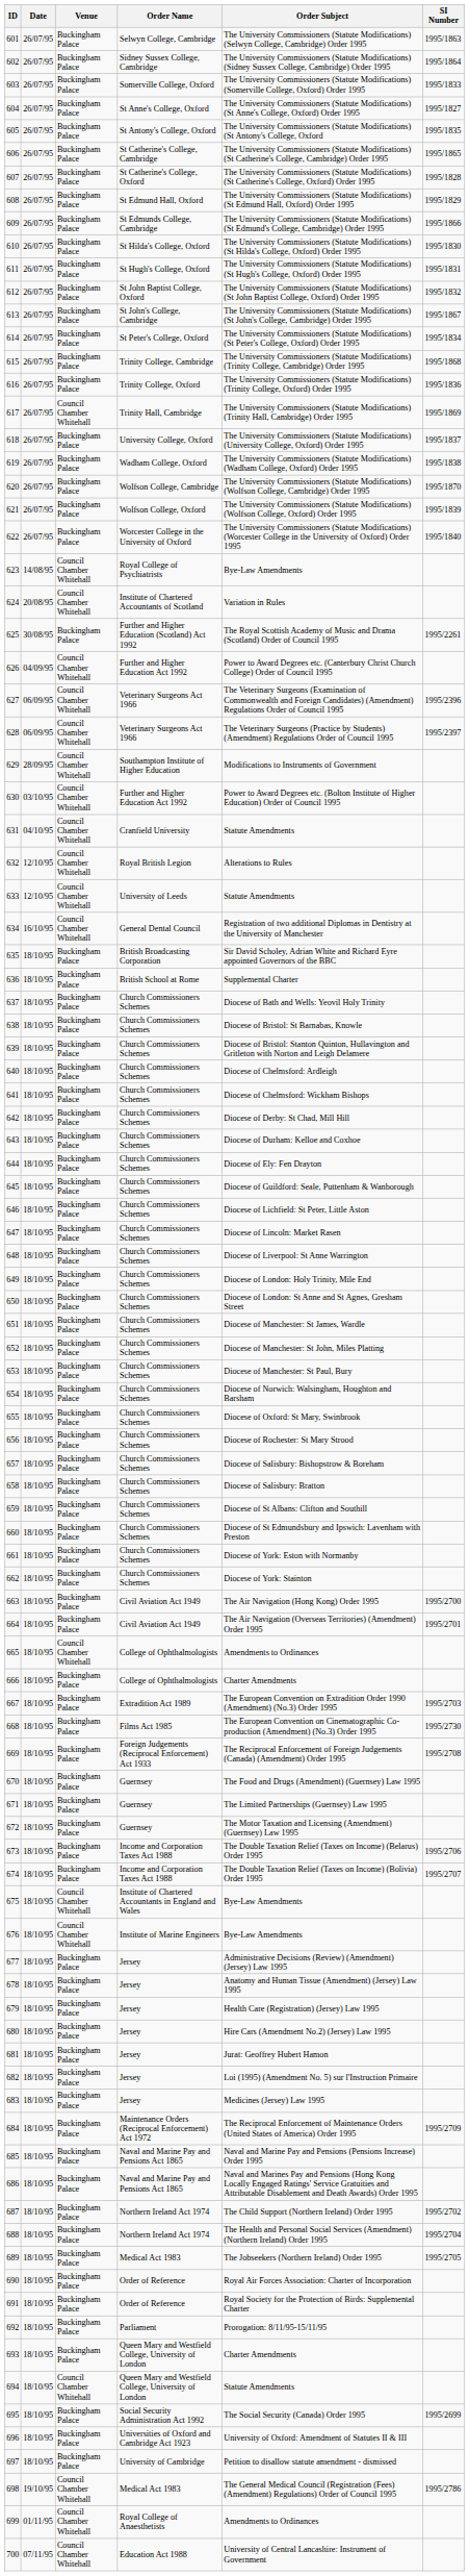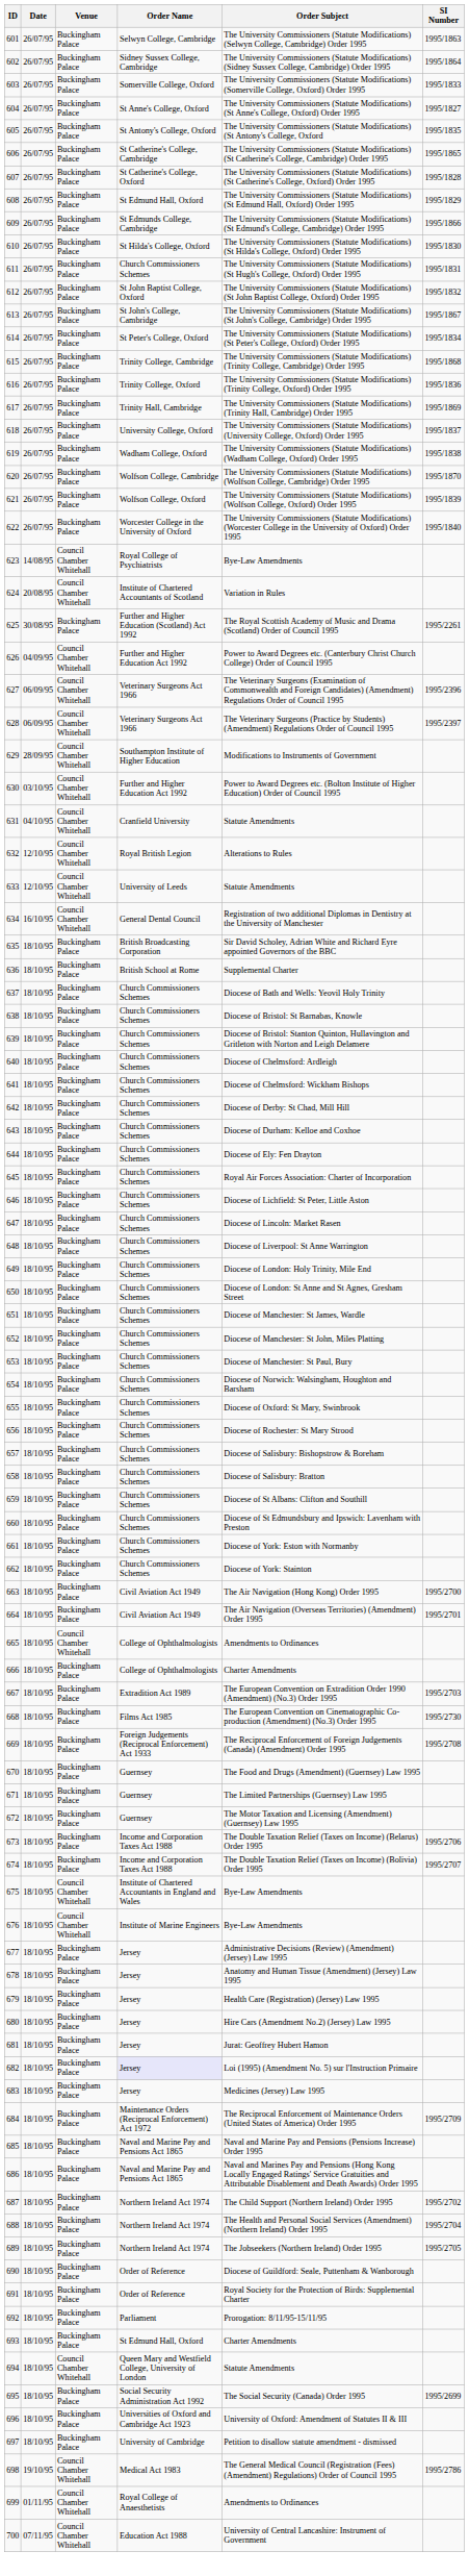 <table class="wikitable">
 <tr>
 <th>ID</th>
 <th>Date</th>
 <th>Venue</th>
 <th>Order Name</th>
 <th>Order Subject</th>
 <th>SI Number</th>
 </tr>
 <tr>
 <td>601</td>
 <td>26/07/95</td>
 <td>Buckingham Palace</td>
 <td>Selwyn College, Cambridge</td>
 <td>The University Commissioners (Statute Modifications) (Selwyn College, Cambridge) Order 1995</td>
 <td>1995/1863</td>
 </tr>
 <tr>
 <td>602</td>
 <td>26/07/95</td>
 <td>Buckingham Palace</td>
 <td>Sidney Sussex College, Cambridge</td>
 <td>The University Commissioners (Statute Modifications) (Sidney Sussex College, Cambridge) Order 1995</td>
 <td>1995/1864</td>
 </tr>
 <tr>
 <td>603</td>
 <td>26/07/95</td>
 <td>Buckingham Palace</td>
 <td>Somerville College, Oxford</td>
 <td>The University Commissioners (Statute Modifications) (Somerville College, Oxford) Order 1995</td>
 <td>1995/1833</td>
 </tr>
 <tr>
 <td>604</td>
 <td>26/07/95</td>
 <td>Buckingham Palace</td>
 <td>St Anne's College, Oxford</td>
 <td>The University Commissioners (Statute Modifications) (St Anne's College, Oxford) Order 1995</td>
 <td>1995/1827</td>
 </tr>
 <tr>
 <td>605</td>
 <td>26/07/95</td>
 <td>Buckingham Palace</td>
 <td>St Antony's College, Oxford</td>
 <td>The University Commissioners (Statute Modifications) (St Antony's College, Oxford</td>
 <td>1995/1835</td>
 </tr>
 <tr>
 <td>606</td>
 <td>26/07/95</td>
 <td>Buckingham Palace</td>
 <td>St Catherine's College, Cambridge</td>
 <td>The University Commissioners (Statute Modifications) (St Catherine's College, Cambridge) Order 1995</td>
 <td>1995/1865</td>
 </tr>
 <tr>
 <td>607</td>
 <td>26/07/95</td>
 <td>Buckingham Palace</td>
 <td>St Catherine's College, Oxford</td>
 <td>The University Commissioners (Statute Modifications) (St Catherine's College, Oxford) Order 1995</td>
 <td>1995/1828</td>
 </tr>
 <tr>
 <td>608</td>
 <td>26/07/95</td>
 <td>Buckingham Palace</td>
 <td>St Edmund Hall, Oxford</td>
 <td>The University Commissioners (Statute Modifications) (St Edmund Hall, Oxford) Order 1995</td>
 <td>1995/1829</td>
 </tr>
 <tr>
 <td>609</td>
 <td>26/07/95</td>
 <td>Buckingham Palace</td>
 <td>St Edmunds College, Cambridge</td>
 <td>The University Commissioners (Statute Modifications) (St Edmund's College, Cambridge) Order 1995</td>
 <td>1995/1866</td>
 </tr>
 <tr>
 <td>610</td>
 <td>26/07/95</td>
 <td>Buckingham Palace</td>
 <td>St Hilda's College, Oxford</td>
 <td>The University Commissioners (Statute Modifications) (St Hilda's College, Oxford) Order 1995</td>
 <td>1995/1830</td>
 </tr>
 <tr>
 <td>611</td>
 <td>26/07/95</td>
 <td>Buckingham Palace</td>
-<td>St Hugh's College, Oxford</td>
+<td>Church Commissioners Schemes</td>
 <td>The University Commissioners (Statute Modifications) (St Hugh's College, Oxford) Order 1995</td>
 <td>1995/1831</td>
 </tr>
 <tr>
 <td>612</td>
 <td>26/07/95</td>
 <td>Buckingham Palace</td>
 <td>St John Baptist College, Oxford</td>
 <td>The University Commissioners (Statute Modifications) (St John Baptist College, Oxford) Order 1995</td>
 <td>1995/1832</td>
 </tr>
 <tr>
 <td>613</td>
 <td>26/07/95</td>
 <td>Buckingham Palace</td>
 <td>St John's College, Cambridge</td>
 <td>The University Commissioners (Statute Modifications) (St John's College, Cambridge) Order 1995</td>
 <td>1995/1867</td>
 </tr>
 <tr>
 <td>614</td>
 <td>26/07/95</td>
 <td>Buckingham Palace</td>
 <td>St Peter's College, Oxford</td>
 <td>The University Commissioners (Statute Modifications) (St Peter's College, Oxford) Order 1995</td>
 <td>1995/1834</td>
 </tr>
 <tr>
 <td>615</td>
 <td>26/07/95</td>
 <td>Buckingham Palace</td>
 <td>Trinity College, Cambridge</td>
 <td>The University Commissioners (Statute Modifications) (Trinity College, Cambridge) Order 1995</td>
 <td>1995/1868</td>
 </tr>
 <tr>
 <td>616</td>
 <td>26/07/95</td>
 <td>Buckingham Palace</td>
 <td>Trinity College, Oxford</td>
 <td>The University Commissioners (Statute Modifications) (Trinity College, Oxford) Order 1995</td>
 <td>1995/1836</td>
 </tr>
 <tr>
 <td>617</td>
 <td>26/07/95</td>
-<td>Council Chamber Whitehall</td>
+<td>Buckingham Palace</td>
 <td>Trinity Hall, Cambridge</td>
 <td>The University Commissioners (Statute Modifications) (Trinity Hall, Cambridge) Order 1995</td>
 <td>1995/1869</td>
 </tr>
 <tr>
 <td>618</td>
 <td>26/07/95</td>
 <td>Buckingham Palace</td>
 <td>University College, Oxford</td>
 <td>The University Commissioners (Statute Modifications) (University College, Oxford) Order 1995</td>
 <td>1995/1837</td>
 </tr>
 <tr>
 <td>619</td>
 <td>26/07/95</td>
 <td>Buckingham Palace</td>
 <td>Wadham College, Oxford</td>
 <td>The University Commissioners (Statute Modifications) (Wadham College, Oxford) Order 1995</td>
 <td>1995/1838</td>
 </tr>
 <tr>
 <td>620</td>
 <td>26/07/95</td>
 <td>Buckingham Palace</td>
 <td>Wolfson College, Cambridge</td>
 <td>The University Commissioners (Statute Modifications) (Wolfson College, Cambridge) Order 1995</td>
 <td>1995/1870</td>
 </tr>
 <tr>
 <td>621</td>
 <td>26/07/95</td>
 <td>Buckingham Palace</td>
 <td>Wolfson College, Oxford</td>
 <td>The University Commissioners (Statute Modifications) (Wolfson College, Oxford) Order 1995</td>
 <td>1995/1839</td>
 </tr>
 <tr>
 <td>622</td>
 <td>26/07/95</td>
 <td>Buckingham Palace</td>
 <td>Worcester College in the University of Oxford</td>
 <td>The University Commissioners (Statute Modifications) (Worcester College in the University of Oxford) Order 1995</td>
 <td>1995/1840</td>
 </tr>
 <tr>
 <td>623</td>
 <td>14/08/95</td>
 <td>Council Chamber Whitehall</td>
 <td>Royal College of Psychiatrists</td>
 <td>Bye-Law Amendments</td>
 <td></td>
 </tr>
 <tr>
 <td>624</td>
 <td>20/08/95</td>
 <td>Council Chamber Whitehall</td>
 <td>Institute of Chartered Accountants of Scotland</td>
 <td>Variation in Rules</td>
 <td></td>
 </tr>
 <tr>
 <td>625</td>
 <td>30/08/95</td>
 <td>Buckingham Palace</td>
 <td>Further and Higher Education (Scotland) Act 1992</td>
 <td>The Royal Scottish Academy of Music and Drama (Scotland) Order of Council 1995</td>
 <td>1995/2261</td>
 </tr>
 <tr>
 <td>626</td>
 <td>04/09/95</td>
 <td>Council Chamber Whitehall</td>
 <td>Further and Higher Education Act 1992</td>
 <td>Power to Award Degrees etc. (Canterbury Christ Church College) Order of Council 1995</td>
 <td></td>
 </tr>
 <tr>
 <td>627</td>
 <td>06/09/95</td>
 <td>Council Chamber Whitehall</td>
 <td>Veterinary Surgeons Act 1966</td>
 <td>The Veterinary Surgeons (Examination of Commonwealth and Foreign Candidates) (Amendment) Regulations Order of Council 1995</td>
 <td>1995/2396</td>
 </tr>
 <tr>
 <td>628</td>
 <td>06/09/95</td>
 <td>Council Chamber Whitehall</td>
 <td>Veterinary Surgeons Act 1966</td>
 <td>The Veterinary Surgeons (Practice by Students) (Amendment) Regulations Order of Council 1995</td>
 <td>1995/2397</td>
 </tr>
 <tr>
 <td>629</td>
 <td>28/09/95</td>
 <td>Council Chamber Whitehall</td>
 <td>Southampton Institute of Higher Education</td>
 <td>Modifications to Instruments of Government</td>
 <td></td>
 </tr>
 <tr>
 <td>630</td>
 <td>03/10/95</td>
 <td>Council Chamber Whitehall</td>
 <td>Further and Higher Education Act 1992</td>
 <td>Power to Award Degrees etc. (Bolton Institute of Higher Education) Order of Council 1995</td>
 <td></td>
 </tr>
 <tr>
 <td>631</td>
 <td>04/10/95</td>
 <td>Council Chamber Whitehall</td>
 <td>Cranfield University</td>
 <td>Statute Amendments</td>
 <td></td>
 </tr>
 <tr>
 <td>632</td>
 <td>12/10/95</td>
 <td>Council Chamber Whitehall</td>
 <td>Royal British Legion</td>
 <td>Alterations to Rules</td>
 <td></td>
 </tr>
 <tr>
 <td>633</td>
 <td>12/10/95</td>
 <td>Council Chamber Whitehall</td>
 <td>University of Leeds</td>
 <td>Statute Amendments</td>
 <td></td>
 </tr>
 <tr>
 <td>634</td>
 <td>16/10/95</td>
 <td>Council Chamber Whitehall</td>
 <td>General Dental Council</td>
 <td>Registration of two additional Diplomas in Dentistry at the University of Manchester</td>
 <td></td>
 </tr>
 <tr>
 <td>635</td>
 <td>18/10/95</td>
 <td>Buckingham Palace</td>
 <td>British Broadcasting Corporation</td>
 <td>Sir David Scholey, Adrian White and Richard Eyre appointed Governors of the BBC</td>
 <td></td>
 </tr>
 <tr>
 <td>636</td>
 <td>18/10/95</td>
 <td>Buckingham Palace</td>
 <td>British School at Rome</td>
 <td>Supplemental Charter</td>
 <td></td>
 </tr>
 <tr>
 <td>637</td>
 <td>18/10/95</td>
 <td>Buckingham Palace</td>
 <td>Church Commissioners Schemes</td>
 <td>Diocese of Bath and Wells: Yeovil Holy Trinity</td>
 <td></td>
 </tr>
 <tr>
 <td>638</td>
 <td>18/10/95</td>
 <td>Buckingham Palace</td>
 <td>Church Commissioners Schemes</td>
 <td>Diocese of Bristol: St Barnabas, Knowle</td>
 <td></td>
 </tr>
 <tr>
 <td>639</td>
 <td>18/10/95</td>
 <td>Buckingham Palace</td>
 <td>Church Commissioners Schemes</td>
 <td>Diocese of Bristol: Stanton Quinton, Hullavington and Gritleton with Norton and Leigh Delamere</td>
 <td></td>
 </tr>
 <tr>
 <td>640</td>
 <td>18/10/95</td>
 <td>Buckingham Palace</td>
 <td>Church Commissioners Schemes</td>
 <td>Diocese of Chelmsford: Ardleigh</td>
 <td></td>
 </tr>
 <tr>
 <td>641</td>
 <td>18/10/95</td>
 <td>Buckingham Palace</td>
 <td>Church Commissioners Schemes</td>
 <td>Diocese of Chelmsford: Wickham Bishops</td>
 <td></td>
 </tr>
 <tr>
 <td>642</td>
 <td>18/10/95</td>
 <td>Buckingham Palace</td>
 <td>Church Commissioners Schemes</td>
 <td>Diocese of Derby: St Chad, Mill Hill</td>
 <td></td>
 </tr>
 <tr>
 <td>643</td>
 <td>18/10/95</td>
 <td>Buckingham Palace</td>
 <td>Church Commissioners Schemes</td>
 <td>Diocese of Durham: Kelloe and Coxhoe</td>
 <td></td>
 </tr>
 <tr>
 <td>644</td>
 <td>18/10/95</td>
 <td>Buckingham Palace</td>
 <td>Church Commissioners Schemes</td>
 <td>Diocese of Ely: Fen Drayton</td>
 <td></td>
 </tr>
 <tr>
 <td>645</td>
 <td>18/10/95</td>
 <td>Buckingham Palace</td>
 <td>Church Commissioners Schemes</td>
-<td>Diocese of Guildford: Seale, Puttenham & Wanborough</td>
+<td>Royal Air Forces Association: Charter of Incorporation</td>
 <td></td>
 </tr>
 <tr>
 <td>646</td>
 <td>18/10/95</td>
 <td>Buckingham Palace</td>
 <td>Church Commissioners Schemes</td>
 <td>Diocese of Lichfield: St Peter, Little Aston</td>
 <td></td>
 </tr>
 <tr>
 <td>647</td>
 <td>18/10/95</td>
 <td>Buckingham Palace</td>
 <td>Church Commissioners Schemes</td>
 <td>Diocese of Lincoln: Market Rasen</td>
 <td></td>
 </tr>
 <tr>
 <td>648</td>
 <td>18/10/95</td>
 <td>Buckingham Palace</td>
 <td>Church Commissioners Schemes</td>
 <td>Diocese of Liverpool: St Anne Warrington</td>
 <td></td>
 </tr>
 <tr>
 <td>649</td>
 <td>18/10/95</td>
 <td>Buckingham Palace</td>
 <td>Church Commissioners Schemes</td>
 <td>Diocese of London: Holy Trinity, Mile End</td>
 <td></td>
 </tr>
 <tr>
 <td>650</td>
 <td>18/10/95</td>
 <td>Buckingham Palace</td>
 <td>Church Commissioners Schemes</td>
 <td>Diocese of London: St Anne and St Agnes, Gresham Street</td>
 <td></td>
 </tr>
 <tr>
 <td>651</td>
 <td>18/10/95</td>
 <td>Buckingham Palace</td>
 <td>Church Commissioners Schemes</td>
 <td>Diocese of Manchester: St James, Wardle</td>
 <td></td>
 </tr>
 <tr>
 <td>652</td>
 <td>18/10/95</td>
 <td>Buckingham Palace</td>
 <td>Church Commissioners Schemes</td>
 <td>Diocese of Manchester: St John, Miles Platting</td>
 <td></td>
 </tr>
 <tr>
 <td>653</td>
 <td>18/10/95</td>
 <td>Buckingham Palace</td>
 <td>Church Commissioners Schemes</td>
 <td>Diocese of Manchester: St Paul, Bury</td>
 <td></td>
 </tr>
 <tr>
 <td>654</td>
 <td>18/10/95</td>
 <td>Buckingham Palace</td>
 <td>Church Commissioners Schemes</td>
 <td>Diocese of Norwich: Walsingham, Houghton and Barsham</td>
 <td></td>
 </tr>
 <tr>
 <td>655</td>
 <td>18/10/95</td>
 <td>Buckingham Palace</td>
 <td>Church Commissioners Schemes</td>
 <td>Diocese of Oxford: St Mary, Swinbrook</td>
 <td></td>
 </tr>
 <tr>
 <td>656</td>
 <td>18/10/95</td>
 <td>Buckingham Palace</td>
 <td>Church Commissioners Schemes</td>
 <td>Diocese of Rochester: St Mary Strood</td>
 <td></td>
 </tr>
 <tr>
 <td>657</td>
 <td>18/10/95</td>
 <td>Buckingham Palace</td>
 <td>Church Commissioners Schemes</td>
 <td>Diocese of Salisbury: Bishopstrow & Boreham</td>
 <td></td>
 </tr>
 <tr>
 <td>658</td>
 <td>18/10/95</td>
 <td>Buckingham Palace</td>
 <td>Church Commissioners Schemes</td>
 <td>Diocese of Salisbury: Bratton</td>
 <td></td>
 </tr>
 <tr>
 <td>659</td>
 <td>18/10/95</td>
 <td>Buckingham Palace</td>
 <td>Church Commissioners Schemes</td>
 <td>Diocese of St Albans: Clifton and Southill</td>
 <td></td>
 </tr>
 <tr>
 <td>660</td>
 <td>18/10/95</td>
 <td>Buckingham Palace</td>
 <td>Church Commissioners Schemes</td>
 <td>Diocese of St Edmundsbury and Ipswich: Lavenham with Preston</td>
 <td></td>
 </tr>
 <tr>
 <td>661</td>
 <td>18/10/95</td>
 <td>Buckingham Palace</td>
 <td>Church Commissioners Schemes</td>
 <td>Diocese of York: Eston with Normanby</td>
 <td></td>
 </tr>
 <tr>
 <td>662</td>
 <td>18/10/95</td>
 <td>Buckingham Palace</td>
 <td>Church Commissioners Schemes</td>
 <td>Diocese of York: Stainton</td>
 <td></td>
 </tr>
 <tr>
 <td>663</td>
 <td>18/10/95</td>
 <td>Buckingham Palace</td>
 <td>Civil Aviation Act 1949</td>
 <td>The Air Navigation (Hong Kong) Order 1995</td>
 <td>1995/2700</td>
 </tr>
 <tr>
 <td>664</td>
 <td>18/10/95</td>
 <td>Buckingham Palace</td>
 <td>Civil Aviation Act 1949</td>
 <td>The Air Navigation (Overseas Territories) (Amendment) Order 1995</td>
 <td>1995/2701</td>
 </tr>
 <tr>
 <td>665</td>
 <td>18/10/95</td>
 <td>Council Chamber Whitehall</td>
 <td>College of Ophthalmologists</td>
 <td>Amendments to Ordinances</td>
 <td></td>
 </tr>
 <tr>
 <td>666</td>
 <td>18/10/95</td>
 <td>Buckingham Palace</td>
 <td>College of Ophthalmologists</td>
 <td>Charter Amendments</td>
 <td></td>
 </tr>
 <tr>
 <td>667</td>
 <td>18/10/95</td>
 <td>Buckingham Palace</td>
 <td>Extradition Act 1989</td>
 <td>The European Convention on Extradition Order 1990 (Amendment) (No.3) Order 1995</td>
 <td>1995/2703</td>
 </tr>
 <tr>
 <td>668</td>
 <td>18/10/95</td>
 <td>Buckingham Palace</td>
 <td>Films Act 1985</td>
 <td>The European Convention on Cinematographic Co-production (Amendment) (No.3) Order 1995</td>
 <td>1995/2730</td>
 </tr>
 <tr>
 <td>669</td>
 <td>18/10/95</td>
 <td>Buckingham Palace</td>
 <td>Foreign Judgements (Reciprocal Enforcement) Act 1933</td>
 <td>The Reciprocal Enforcement of Foreign Judgements (Canada) (Amendment) Order 1995</td>
 <td>1995/2708</td>
 </tr>
 <tr>
 <td>670</td>
 <td>18/10/95</td>
 <td>Buckingham Palace</td>
 <td>Guernsey</td>
 <td>The Food and Drugs (Amendment) (Guernsey) Law 1995</td>
 <td></td>
 </tr>
 <tr>
 <td>671</td>
 <td>18/10/95</td>
 <td>Buckingham Palace</td>
 <td>Guernsey</td>
 <td>The Limited Partnerships (Guernsey) Law 1995</td>
 <td></td>
 </tr>
 <tr>
 <td>672</td>
 <td>18/10/95</td>
 <td>Buckingham Palace</td>
 <td>Guernsey</td>
 <td>The Motor Taxation and Licensing (Amendment) (Guernsey) Law 1995</td>
 <td></td>
 </tr>
 <tr>
 <td>673</td>
 <td>18/10/95</td>
 <td>Buckingham Palace</td>
 <td>Income and Corporation Taxes Act 1988</td>
 <td>The Double Taxation Relief (Taxes on Income) (Belarus) Order 1995</td>
 <td>1995/2706</td>
 </tr>
 <tr>
 <td>674</td>
 <td>18/10/95</td>
 <td>Buckingham Palace</td>
 <td>Income and Corporation Taxes Act 1988</td>
 <td>The Double Taxation Relief (Taxes on Income) (Bolivia) Order 1995</td>
 <td>1995/2707</td>
 </tr>
 <tr>
 <td>675</td>
 <td>18/10/95</td>
 <td>Council Chamber Whitehall</td>
 <td>Institute of Chartered Accountants in England and Wales</td>
 <td>Bye-Law Amendments</td>
 <td></td>
 </tr>
 <tr>
 <td>676</td>
 <td>18/10/95</td>
 <td>Council Chamber Whitehall</td>
 <td>Institute of Marine Engineers</td>
 <td>Bye-Law Amendments</td>
 <td></td>
 </tr>
 <tr>
 <td>677</td>
 <td>18/10/95</td>
 <td>Buckingham Palace</td>
 <td>Jersey</td>
 <td>Administrative Decisions (Review) (Amendment) (Jersey) Law 1995</td>
 <td></td>
 </tr>
 <tr>
 <td>678</td>
 <td>18/10/95</td>
 <td>Buckingham Palace</td>
 <td>Jersey</td>
 <td>Anatomy and Human Tissue (Amendment) (Jersey) Law 1995</td>
 <td></td>
 </tr>
 <tr>
 <td>679</td>
 <td>18/10/95</td>
 <td>Buckingham Palace</td>
 <td>Jersey</td>
 <td>Health Care (Registration) (Jersey) Law 1995</td>
 <td></td>
 </tr>
 <tr>
 <td>680</td>
 <td>18/10/95</td>
 <td>Buckingham Palace</td>
 <td>Jersey</td>
 <td>Hire Cars (Amendment No.2) (Jersey) Law 1995</td>
 <td></td>
 </tr>
 <tr>
 <td>681</td>
 <td>18/10/95</td>
 <td>Buckingham Palace</td>
 <td>Jersey</td>
 <td>Jurat: Geoffrey Hubert Hamon</td>
 <td></td>
 </tr>
 <tr>
 <td>682</td>
 <td>18/10/95</td>
 <td>Buckingham Palace</td>
-<td>Jersey</td>
+<td style="background: lavender;">Jersey</td>
 <td>Loi (1995) (Amendment No. 5) sur l'Instruction Primaire</td>
 <td></td>
 </tr>
 <tr>
 <td>683</td>
 <td>18/10/95</td>
 <td>Buckingham Palace</td>
 <td>Jersey</td>
 <td>Medicines (Jersey) Law 1995</td>
 <td></td>
 </tr>
 <tr>
 <td>684</td>
 <td>18/10/95</td>
 <td>Buckingham Palace</td>
 <td>Maintenance Orders (Reciprocal Enforcement) Act 1972</td>
 <td>The Reciprocal Enforcement of Maintenance Orders (United States of America) Order 1995</td>
 <td>1995/2709</td>
 </tr>
 <tr>
 <td>685</td>
 <td>18/10/95</td>
 <td>Buckingham Palace</td>
 <td>Naval and Marine Pay and Pensions Act 1865</td>
 <td>Naval and Marine Pay and Pensions (Pensions Increase) Order 1995</td>
 <td></td>
 </tr>
 <tr>
 <td>686</td>
 <td>18/10/95</td>
 <td>Buckingham Palace</td>
 <td>Naval and Marine Pay and Pensions Act 1865</td>
 <td>Naval and Marines Pay and Pensions (Hong Kong Locally Engaged Ratings' Service Gratuities and Attributable Disablement and Death Awards) Order 1995</td>
 <td></td>
 </tr>
 <tr>
 <td>687</td>
 <td>18/10/95</td>
 <td>Buckingham Palace</td>
 <td>Northern Ireland Act 1974</td>
 <td>The Child Support (Northern Ireland) Order 1995</td>
 <td>1995/2702</td>
 </tr>
 <tr>
 <td>688</td>
 <td>18/10/95</td>
 <td>Buckingham Palace</td>
 <td>Northern Ireland Act 1974</td>
 <td>The Health and Personal Social Services (Amendment) (Northern Ireland) Order 1995</td>
 <td>1995/2704</td>
 </tr>
 <tr>
 <td>689</td>
 <td>18/10/95</td>
 <td>Buckingham Palace</td>
-<td>Medical Act 1983</td>
+<td>Northern Ireland Act 1974</td>
 <td>The Jobseekers (Northern Ireland) Order 1995</td>
 <td>1995/2705</td>
 </tr>
 <tr>
 <td>690</td>
 <td>18/10/95</td>
 <td>Buckingham Palace</td>
 <td>Order of Reference</td>
-<td>Royal Air Forces Association: Charter of Incorporation</td>
+<td>Diocese of Guildford: Seale, Puttenham & Wanborough</td>
 <td></td>
 </tr>
 <tr>
 <td>691</td>
 <td>18/10/95</td>
 <td>Buckingham Palace</td>
 <td>Order of Reference</td>
 <td>Royal Society for the Protection of Birds: Supplemental Charter</td>
 <td></td>
 </tr>
 <tr>
 <td>692</td>
 <td>18/10/95</td>
 <td>Buckingham Palace</td>
 <td>Parliament</td>
 <td>Prorogation: 8/11/95-15/11/95</td>
 <td></td>
 </tr>
 <tr>
 <td>693</td>
 <td>18/10/95</td>
 <td>Buckingham Palace</td>
-<td>Queen Mary and Westfield College, University of London</td>
+<td>St Edmund Hall, Oxford</td>
 <td>Charter Amendments</td>
 <td></td>
 </tr>
 <tr>
 <td>694</td>
 <td>18/10/95</td>
 <td>Council Chamber Whitehall</td>
 <td>Queen Mary and Westfield College, University of London</td>
 <td>Statute Amendments</td>
 <td></td>
 </tr>
 <tr>
 <td>695</td>
 <td>18/10/95</td>
 <td>Buckingham Palace</td>
 <td>Social Security Administration Act 1992</td>
 <td>The Social Security (Canada) Order 1995</td>
 <td>1995/2699</td>
 </tr>
 <tr>
 <td>696</td>
 <td>18/10/95</td>
 <td>Buckingham Palace</td>
 <td>Universities of Oxford and Cambridge Act 1923</td>
 <td>University of Oxford: Amendment of Statutes II & III</td>
 <td></td>
 </tr>
 <tr>
 <td>697</td>
 <td>18/10/95</td>
 <td>Buckingham Palace</td>
 <td>University of Cambridge</td>
 <td>Petition to disallow statute amendment - dismissed</td>
 <td></td>
 </tr>
 <tr>
 <td>698</td>
 <td>19/10/95</td>
 <td>Council Chamber Whitehall</td>
 <td>Medical Act 1983</td>
 <td>The General Medical Council (Registration (Fees) (Amendment) Regulations) Order of Council 1995</td>
 <td>1995/2786</td>
 </tr>
 <tr>
 <td>699</td>
 <td>01/11/95</td>
 <td>Council Chamber Whitehall</td>
 <td>Royal College of Anaesthetists</td>
 <td>Amendments to Ordinances</td>
 <td></td>
 </tr>
 <tr>
 <td>700</td>
 <td>07/11/95</td>
 <td>Council Chamber Whitehall</td>
 <td>Education Act 1988</td>
 <td>University of Central Lancashire: Instrument of Government</td>
 <td></td>
 </tr>
 </table>
